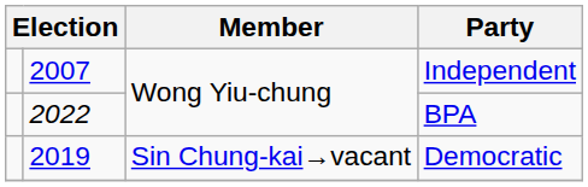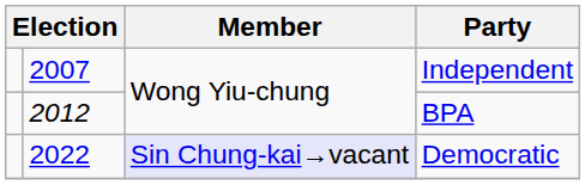 <table class="wikitable">
 <tr>
 <th colspan="2">Election</th>
 <th>Member</th>
 <th>Party</th>
 </tr>
 <tr>
 <td style="background-color: "></td>
 <td><a href='#'>2007</a></td>
 <td rowspan=2>Wong Yiu-chung</td>
 <td><a href='#'>Independent</a></td>
 </tr>
 <tr>
 <td style="background-color: "></td>
-<td><em>2022</em></td>
+<td><em>2012</em></td>
 <td><a href='#'>BPA</a></td>
 </tr>
 <tr>
 <td style="background-color: "></td>
-<td><a href='#'>2019</a></td>
-<td><a href='#'>Sin Chung-kai</a>→vacant</td>
+<td><a href='#'>2022</a></td>
+<td style="background: lavender;"><a href='#'>Sin Chung-kai</a>→vacant</td>
 <td><a href='#'>Democratic</a></td>
 </tr>
 <tr>
 </tr>
 </table>
